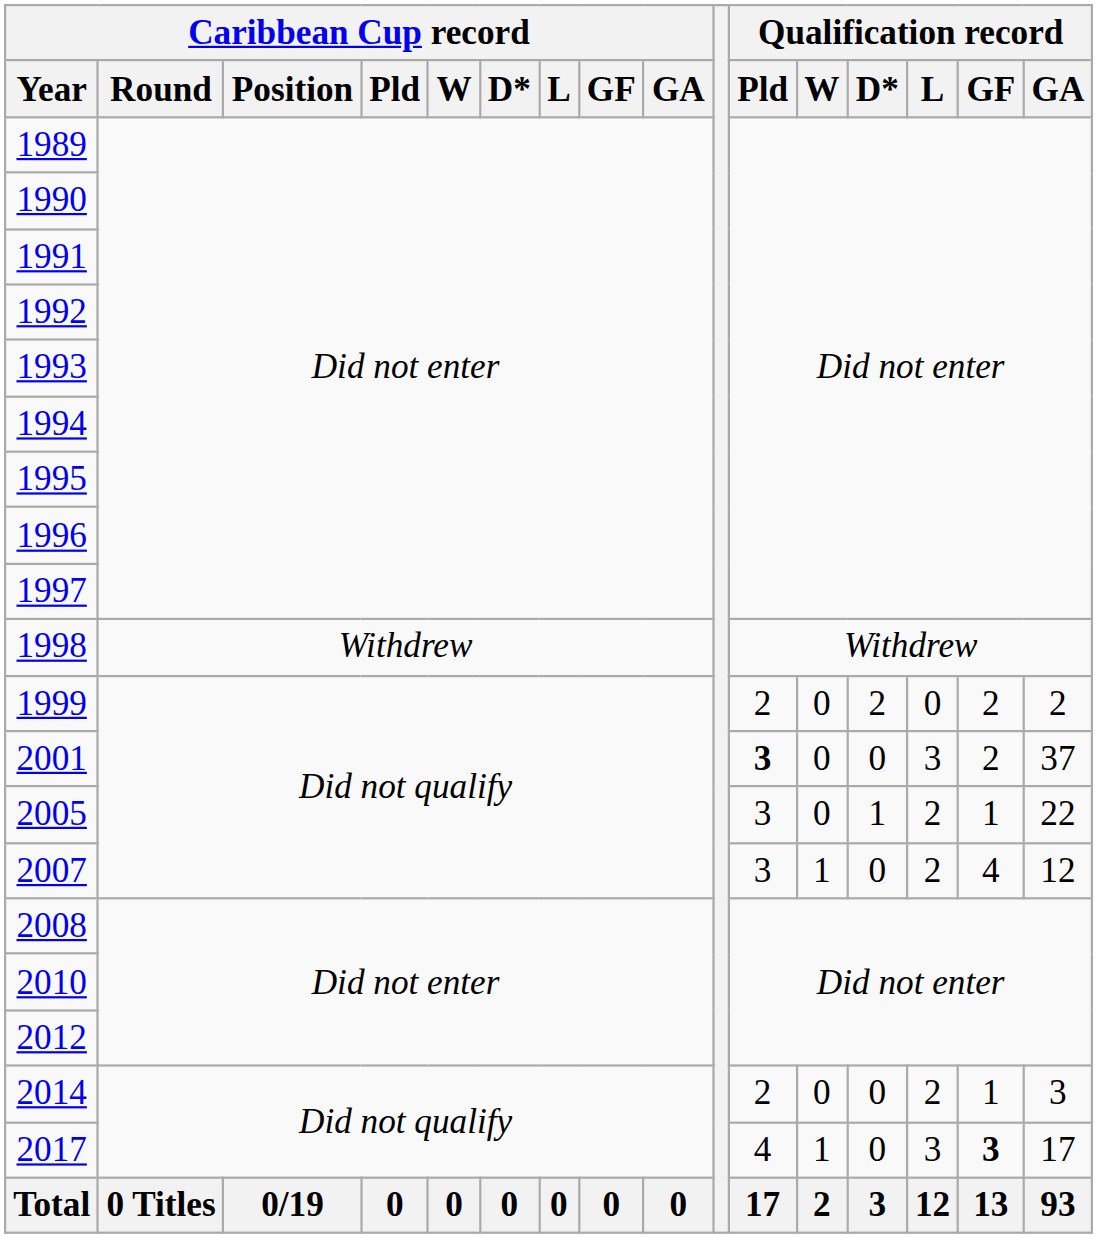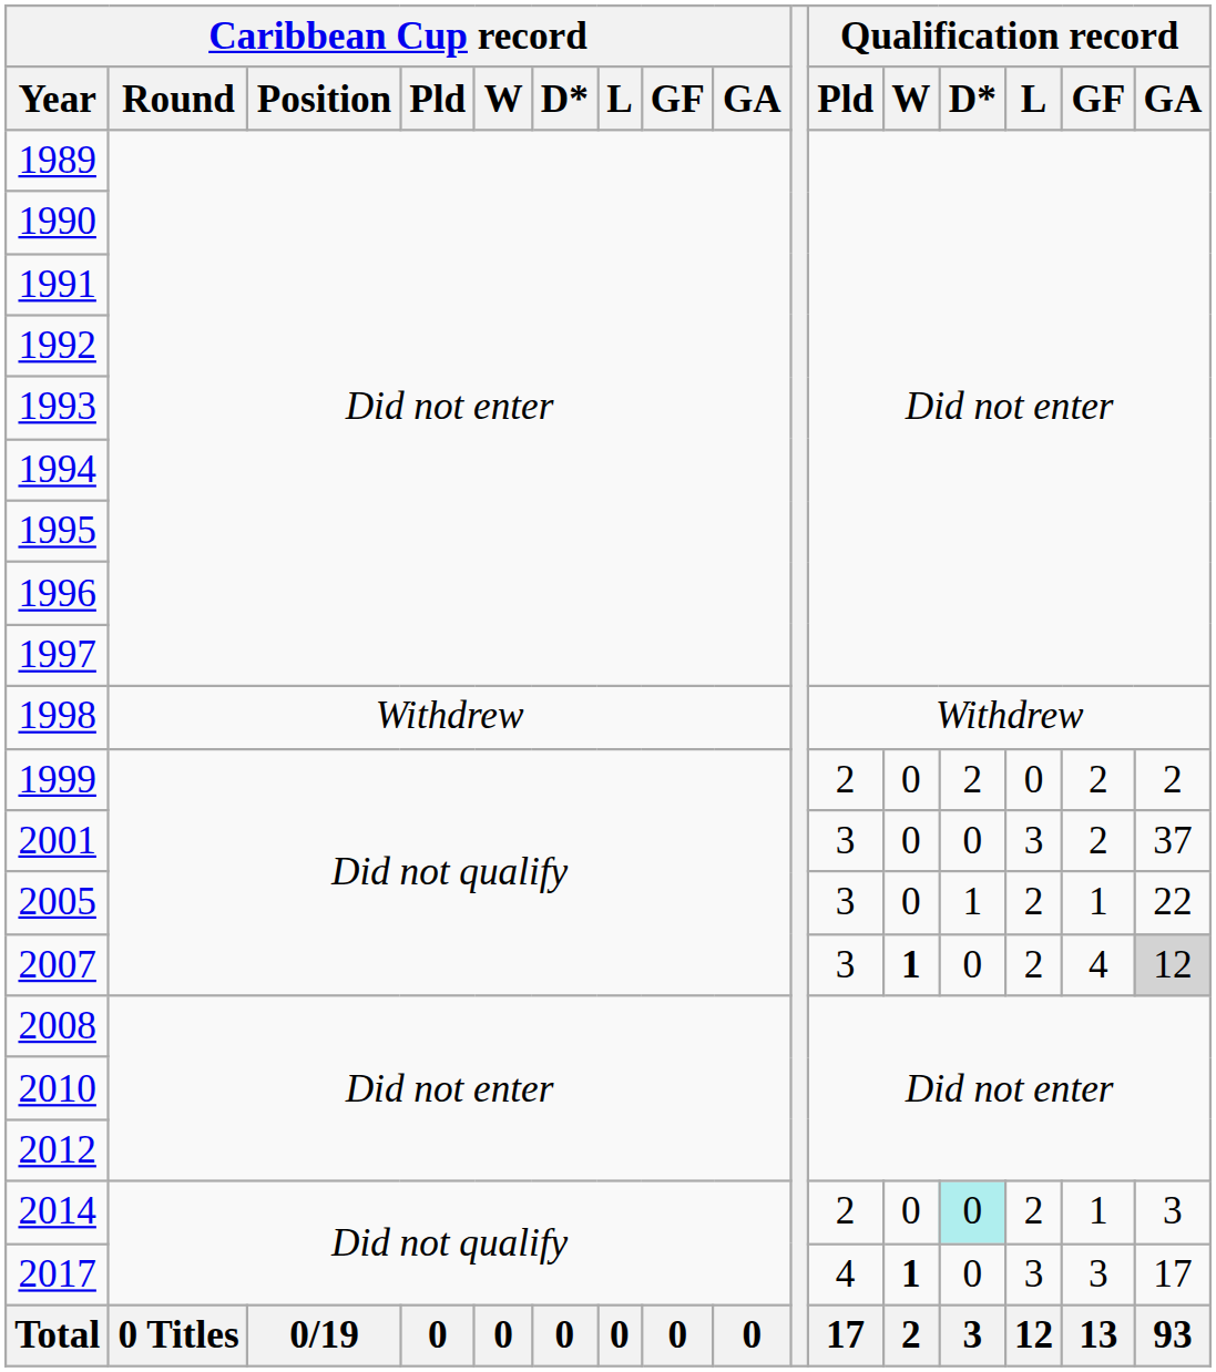 <table class="wikitable" style="text-align: center;">
 <tr>
 <th colspan=9><a href='#'>Caribbean Cup</a> record</th>
 <th !width=1% rowspan=28></th>
 <th colspan=6>Qualification record</th>
 </tr>
 <tr>
 <th>Year</th>
 <th>Round</th>
 <th>Position</th>
 <th>Pld</th>
 <th>W</th>
 <th>D*</th>
 <th>L</th>
 <th>GF</th>
 <th>GA</th>
 <th>Pld</th>
 <th>W</th>
 <th>D*</th>
 <th>L</th>
 <th>GF</th>
 <th>GA</th>
 </tr>
 <tr>
 <td> <a href='#'>1989</a></td>
 <td colspan=8 rowspan=9><em>Did not enter</em></td>
 <td colspan=6 rowspan=9><em>Did not enter</em></td>
 </tr>
 <tr>
 <td> <a href='#'>1990</a></td>
 </tr>
 <tr>
 <td> <a href='#'>1991</a></td>
 </tr>
 <tr>
 <td> <a href='#'>1992</a></td>
 </tr>
 <tr>
 <td> <a href='#'>1993</a></td>
 </tr>
 <tr>
 <td> <a href='#'>1994</a></td>
 </tr>
 <tr>
 <td>  <a href='#'>1995</a></td>
 </tr>
 <tr>
 <td> <a href='#'>1996</a></td>
 </tr>
 <tr>
 <td>  <a href='#'>1997</a></td>
 </tr>
 <tr>
 <td>  <a href='#'>1998</a></td>
 <td Colspan=8><em>Withdrew</em></td>
 <td Colspan=6><em>Withdrew</em></td>
 </tr>
 <tr>
 <td> <a href='#'>1999</a></td>
 <td Colspan=8 rowspan=4><em>Did not qualify</em></td>
 <td>2</td>
 <td>0</td>
 <td>2</td>
 <td>0</td>
 <td>2</td>
 <td>2</td>
 </tr>
 <tr>
 <td> <a href='#'>2001</a></td>
-<td><strong>3</strong></td>
+<td>3</td>
 <td>0</td>
 <td>0</td>
 <td>3</td>
 <td>2</td>
 <td>37</td>
 </tr>
 <tr>
 <td> <a href='#'>2005</a></td>
 <td>3</td>
 <td>0</td>
 <td>1</td>
 <td>2</td>
 <td>1</td>
 <td>22</td>
 </tr>
 <tr>
 <td> <a href='#'>2007</a></td>
 <td>3</td>
-<td>1</td>
+<td><strong>1</strong></td>
 <td>0</td>
 <td>2</td>
 <td>4</td>
-<td>12</td>
+<td style="background: lightgrey;">12</td>
 </tr>
 <tr>
 <td> <a href='#'>2008</a></td>
 <td colspan=8 rowspan=3><em>Did not enter</em></td>
 <td colspan=6 rowspan=3><em>Did not enter</em></td>
 </tr>
 <tr>
 <td> <a href='#'>2010</a></td>
 </tr>
 <tr>
 <td> <a href='#'>2012</a></td>
 </tr>
 <tr>
 <td> <a href='#'>2014</a></td>
 <td Colspan=8 rowspan=2><em>Did not qualify</em></td>
 <td>2</td>
 <td>0</td>
-<td>0</td>
+<td style="background: paleturquoise;">0</td>
 <td>2</td>
 <td>1</td>
 <td>3</td>
 </tr>
 <tr>
 <td> <a href='#'>2017</a></td>
 <td>4</td>
-<td>1</td>
+<td><strong>1</strong></td>
 <td>0</td>
 <td>3</td>
-<td><strong>3</strong></td>
+<td>3</td>
 <td>17</td>
 </tr>
 <tr>
 <th>Total</th>
 <th>0 Titles</th>
 <th>0/19</th>
 <th>0</th>
 <th>0</th>
 <th>0</th>
 <th>0</th>
 <th>0</th>
 <th>0</th>
 <th>17</th>
 <th>2</th>
 <th>3</th>
 <th>12</th>
 <th>13</th>
 <th>93</th>
 </tr>
 </table>
